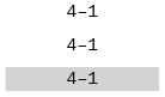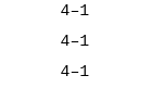 <table style="font-size:90%">
 <tr>
 <th width="150"></th>
 <th width="100"></th>
 <th width="150"></th>
 </tr>
 <tr>
 <td align="right"><strong></strong></td>
 <td align="center">4–1</td>
 <td></td>
 </tr>
 <tr>
 <td></td>
 <td></td>
 <td></td>
 </tr>
 <tr>
 <td align="right"><strong></strong></td>
 <td align="center">4–1</td>
 <td></td>
 </tr>
 <tr>
 <td></td>
 <td></td>
 <td></td>
 </tr>
 <tr>
 <td align="right"><strong></strong></td>
-<td align="center" style="background: lightgrey;">4–1</td>
+<td align="center">4–1</td>
 <td></td>
 </tr>
 <tr>
 <td></td>
 <td></td>
 <td></td>
 </tr>
 <tr>
 <td></td>
 <td></td>
 <td></td>
 </tr>
 <tr>
 </tr>
 </table>
